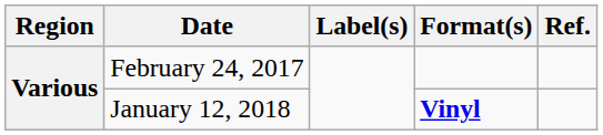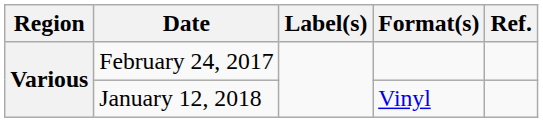 <table class="wikitable plainrowheaders">
 <tr>
 <th scope="col">Region</th>
 <th scope="col">Date</th>
 <th scope="col">Label(s)</th>
 <th scope="col">Format(s)</th>
 <th scope="col">Ref.</th>
 </tr>
 <tr>
 <th scope="row" rowspan="2">Various</th>
 <td>February 24, 2017</td>
 <td rowspan="2"></td>
 <td></td>
 <td></td>
 </tr>
 <tr>
 <td>January 12, 2018</td>
-<td><strong><a href='#'>Vinyl</a></strong></td>
+<td><a href='#'>Vinyl</a></td>
 <td></td>
 </tr>
 </table>
